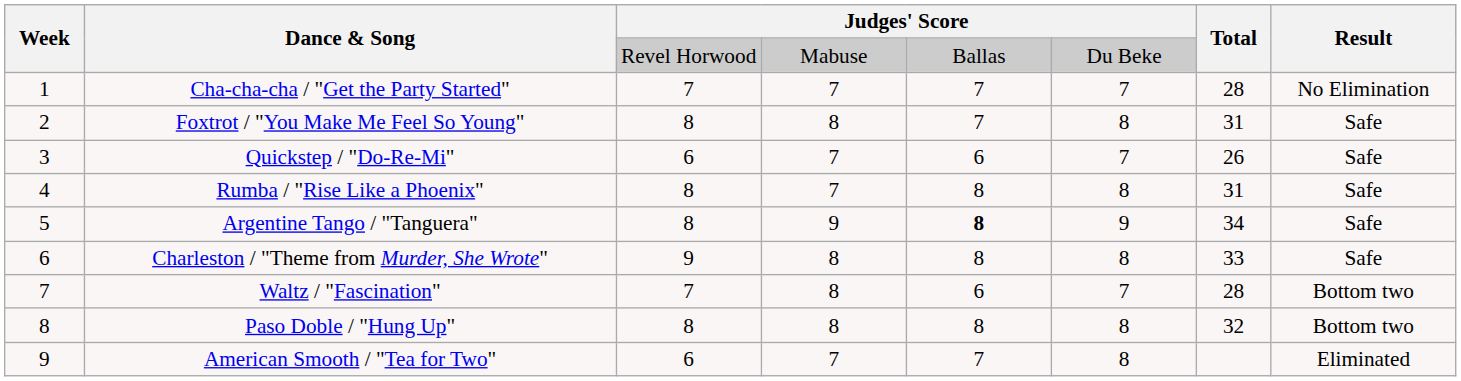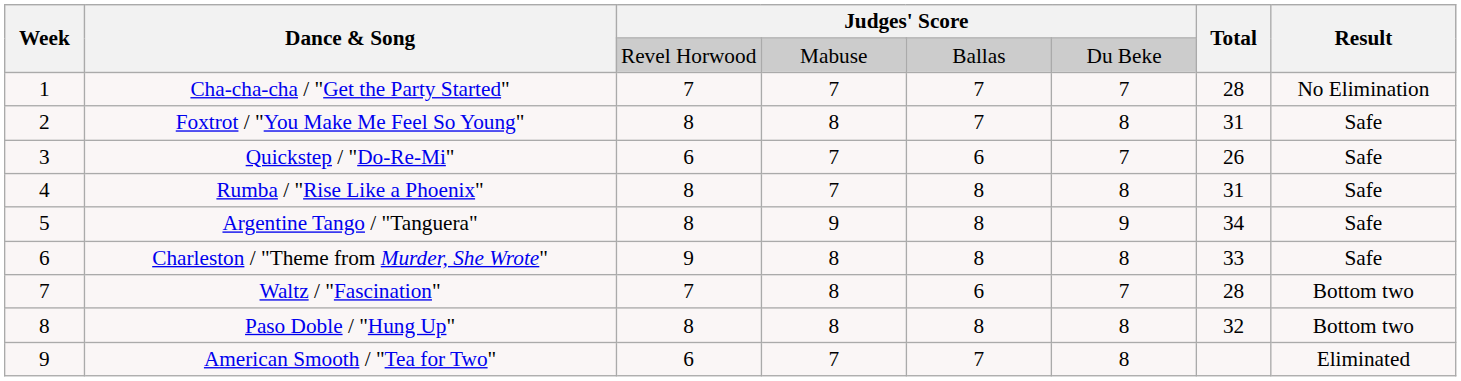 <table class="wikitable collapsible">
 <tr style="text-align:center; background:#ccc;">
 <th rowspan=2>Week</th>
 <th rowspan=2>Dance & Song</th>
 <th colspan=4>Judges' Score</th>
 <th rowspan=2>Total</th>
 <th rowspan=2>Result</th>
 </tr>
 <tr style="text-align:center; background:#ccc;">
 <td style="width:10%; ">Revel Horwood</td>
 <td style="width:10%; ">Mabuse</td>
 <td style="width:10%; ">Ballas</td>
 <td style="width:10%; ">Du Beke</td>
 </tr>
 <tr style="text-align:center; background:#faf6f6;">
 <td>1</td>
 <td><a href='#'>Cha-cha-cha</a> / "<a href='#'>Get the Party Started</a>"</td>
 <td>7</td>
 <td>7</td>
 <td>7</td>
 <td>7</td>
 <td>28</td>
 <td>No Elimination</td>
 </tr>
 <tr style="text-align:center; background:#faf6f6;">
 <td>2</td>
 <td><a href='#'>Foxtrot</a> / "<a href='#'>You Make Me Feel So Young</a>"</td>
 <td>8</td>
 <td>8</td>
 <td>7</td>
 <td>8</td>
 <td>31</td>
 <td>Safe</td>
 </tr>
 <tr style="text-align:center; background:#faf6f6;">
 <td>3</td>
 <td><a href='#'>Quickstep</a> / "<a href='#'>Do-Re-Mi</a>"</td>
 <td>6</td>
 <td>7</td>
 <td>6</td>
 <td>7</td>
 <td>26</td>
 <td>Safe</td>
 </tr>
 <tr style="text-align:center; background:#faf6f6;">
 <td>4</td>
 <td><a href='#'>Rumba</a> / "<a href='#'>Rise Like a Phoenix</a>"</td>
 <td>8</td>
 <td>7</td>
 <td>8</td>
 <td>8</td>
 <td>31</td>
 <td>Safe</td>
 </tr>
 <tr style="text-align:center; background:#faf6f6;">
 <td>5</td>
 <td><a href='#'>Argentine Tango</a> / "Tanguera"</td>
 <td>8</td>
 <td>9</td>
-<td><strong>8</strong></td>
+<td>8</td>
 <td>9</td>
 <td>34</td>
 <td>Safe</td>
 </tr>
 <tr style="text-align:center; background:#faf6f6;">
 <td>6</td>
 <td><a href='#'>Charleston</a> / "Theme from <em><a href='#'>Murder, She Wrote</a></em>"</td>
 <td>9</td>
 <td>8</td>
 <td>8</td>
 <td>8</td>
 <td>33</td>
 <td>Safe</td>
 </tr>
 <tr style="text-align:center; background:#faf6f6;">
 <td>7</td>
 <td><a href='#'>Waltz</a> / "<a href='#'>Fascination</a>"</td>
 <td>7</td>
 <td>8</td>
 <td>6</td>
 <td>7</td>
 <td>28</td>
 <td>Bottom two</td>
 </tr>
 <tr style="text-align:center; background:#faf6f6;">
 <td>8</td>
 <td><a href='#'>Paso Doble</a> / "<a href='#'>Hung Up</a>"</td>
 <td>8</td>
 <td>8</td>
 <td>8</td>
 <td>8</td>
 <td>32</td>
 <td>Bottom two</td>
 </tr>
 <tr style="text-align:center; background:#faf6f6;">
 <td>9</td>
 <td><a href='#'>American Smooth</a> / "<a href='#'>Tea for Two</a>"</td>
 <td>6</td>
 <td>7</td>
 <td>7</td>
 <td>8</td>
 <td></td>
 <td>Eliminated</td>
 </tr>
 </table>
